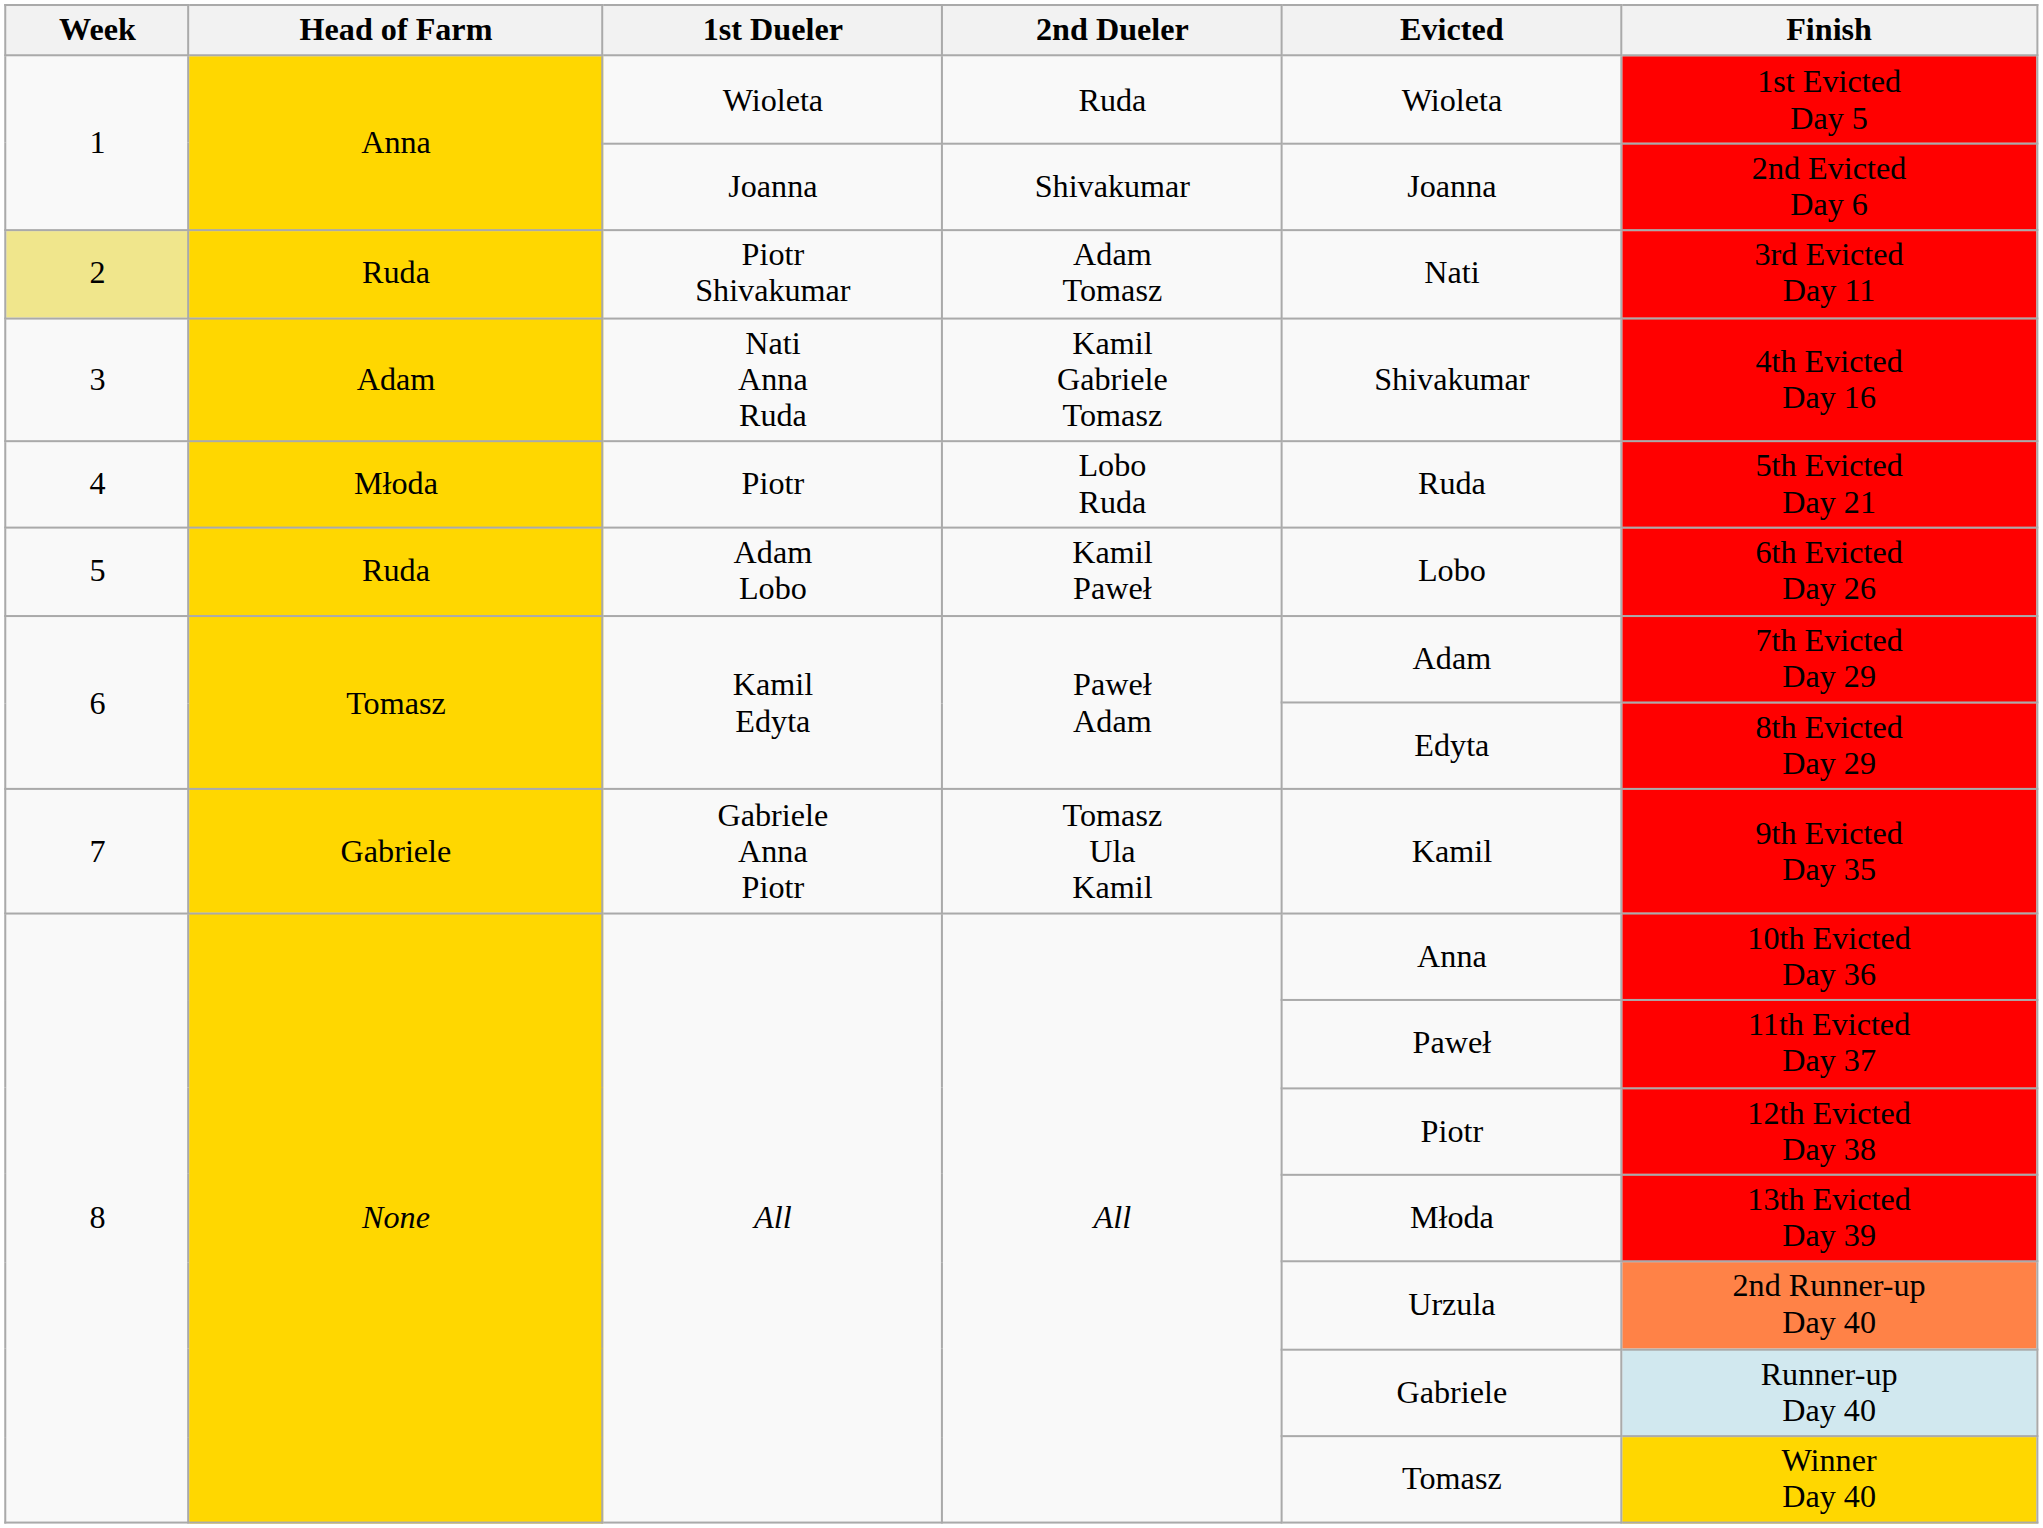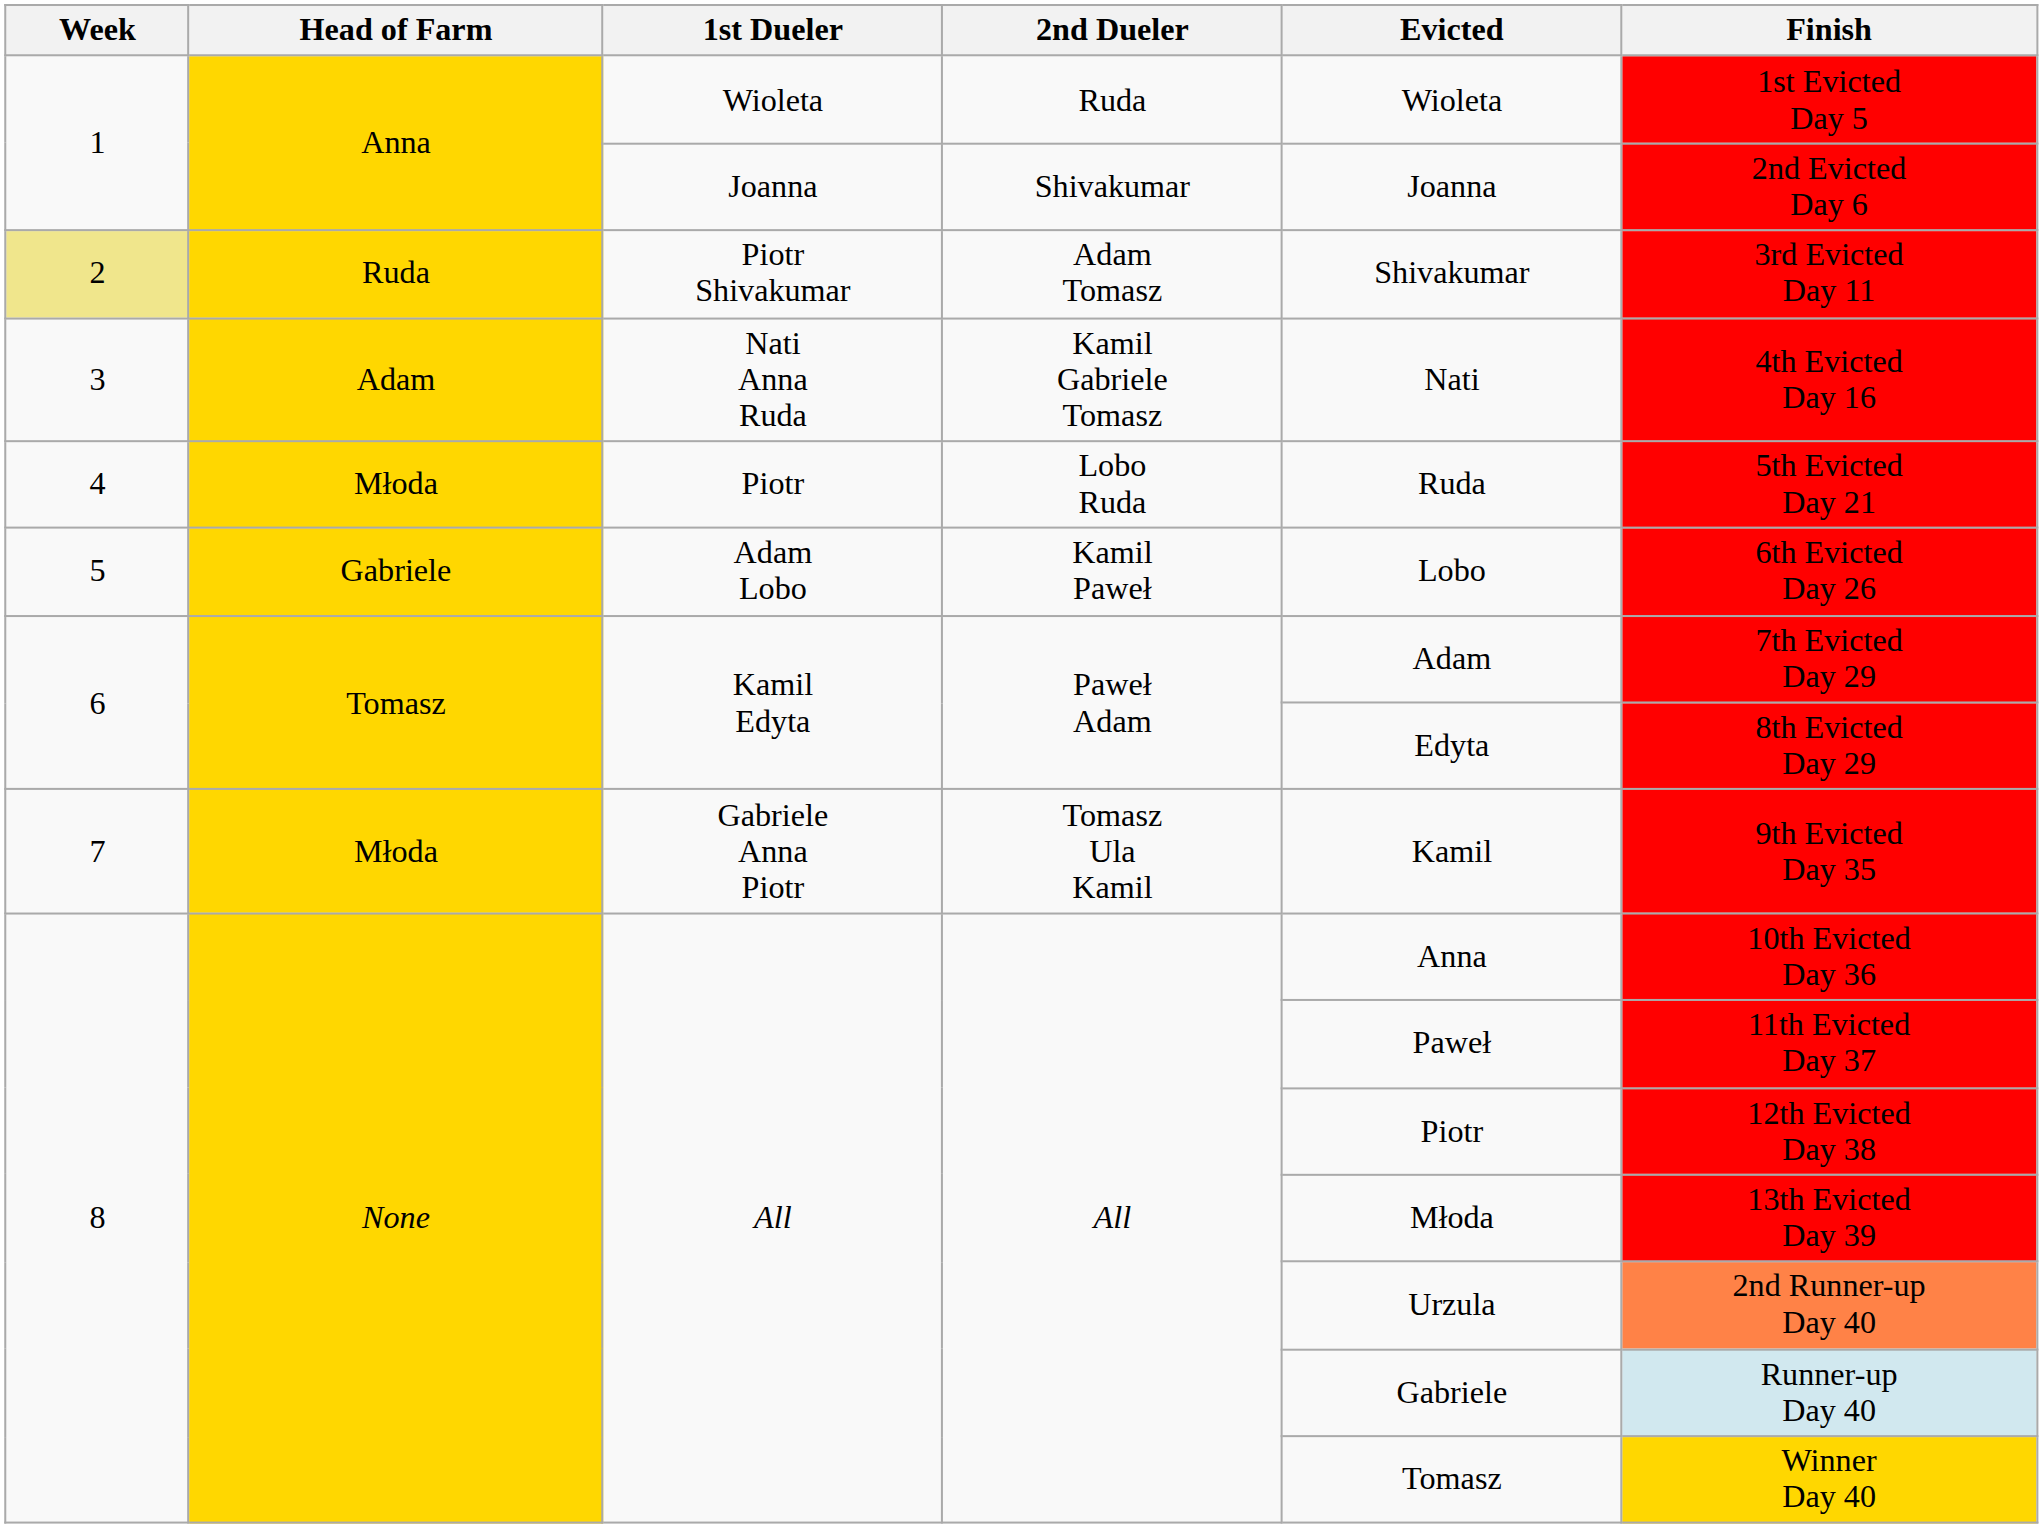 <table class="wikitable" style="font-size:100%; text-align:center; width: 80%; margin-left: auto; margin-right: auto;">
 <tr>
 <th>Week</th>
 <th>Head of Farm</th>
 <th>1st Dueler</th>
 <th>2nd Dueler</th>
 <th>Evicted</th>
 <th>Finish</th>
 </tr>
 <tr>
 <td rowspan="2">1</td>
 <td rowspan="2" style="background:gold;">Anna</td>
 <td rowspan="1">Wioleta</td>
 <td rowspan="1">Ruda</td>
 <td rowspan="1">Wioleta</td>
 <td rowspan="1" style="background:#ff0000">1st Evicted<br>Day 5</td>
 </tr>
 <tr>
 <td rowspan="1">Joanna</td>
 <td rowspan="1">Shivakumar</td>
 <td rowspan="1">Joanna</td>
 <td rowspan="1" style="background:#ff0000">2nd Evicted<br>Day 6</td>
 </tr>
 <tr>
 <td style="background: khaki;">2</td>
 <td style="background:gold;">Ruda</td>
 <td>Piotr<br>Shivakumar</td>
 <td>Adam<br>Tomasz</td>
-<td>Nati</td>
+<td>Shivakumar</td>
 <td style="background:#ff0000">3rd Evicted<br>Day 11</td>
 </tr>
 <tr>
 <td>3</td>
 <td style="background:gold;">Adam</td>
 <td>Nati<br>Anna<br>Ruda</td>
 <td>Kamil<br>Gabriele<br>Tomasz</td>
-<td>Shivakumar</td>
+<td>Nati</td>
 <td style="background:#ff0000">4th Evicted<br>Day 16</td>
 </tr>
 <tr>
 <td>4</td>
 <td style="background:gold;">Młoda</td>
 <td>Piotr</td>
 <td>Lobo<br>Ruda</td>
 <td>Ruda</td>
 <td style="background:#ff0000">5th Evicted<br>Day 21</td>
 </tr>
 <tr>
 <td>5</td>
-<td style="background:gold;">Ruda</td>
+<td style="background:gold;">Gabriele</td>
 <td>Adam<br>Lobo</td>
 <td>Kamil<br>Paweł</td>
 <td>Lobo</td>
 <td style="background:#ff0000">6th Evicted<br>Day 26</td>
 </tr>
 <tr>
 <td rowspan="2">6</td>
 <td rowspan="2" style="background:gold;">Tomasz</td>
 <td rowspan="2">Kamil<br>Edyta</td>
 <td rowspan="2">Paweł<br>Adam</td>
 <td rowspan="1">Adam</td>
 <td rowspan="1" style="background:#ff0000">7th Evicted<br>Day 29</td>
 </tr>
 <tr>
 <td rowspan="1">Edyta</td>
 <td rowspan="1"  style="background:#ff0000">8th Evicted<br>Day 29</td>
 </tr>
 <tr>
 <td>7</td>
-<td style="background:gold;">Gabriele</td>
+<td style="background:gold;">Młoda</td>
 <td>Gabriele<br>Anna<br>Piotr</td>
 <td>Tomasz<br>Ula<br>Kamil</td>
 <td>Kamil</td>
 <td style="background:#ff0000">9th Evicted<br>Day 35</td>
 </tr>
 <tr>
 <td rowspan="7">8</td>
 <td rowspan="7" style="background:gold;"><em>None</em></td>
 <td rowspan="7"><em>All</em></td>
 <td rowspan="7"><em>All</em></td>
 <td>Anna</td>
 <td style="background:#ff0000">10th Evicted<br>Day 36</td>
 </tr>
 <tr>
 <td>Paweł</td>
 <td style="background:#ff0000">11th Evicted<br>Day 37</td>
 </tr>
 <tr>
 <td>Piotr</td>
 <td style="background:#ff0000">12th Evicted<br>Day 38</td>
 </tr>
 <tr>
 <td>Młoda</td>
 <td style="background:#ff0000">13th Evicted<br>Day 39</td>
 </tr>
 <tr>
 <td>Urzula</td>
 <td style="background:#FF8247">2nd Runner-up<br>Day 40</td>
 </tr>
 <tr>
 <td>Gabriele</td>
 <td style="background:#D1E8EF;">Runner-up<br>Day 40</td>
 </tr>
 <tr>
 <td>Tomasz</td>
 <td style="background:gold;">Winner<br>Day 40</td>
 </tr>
 </table>
